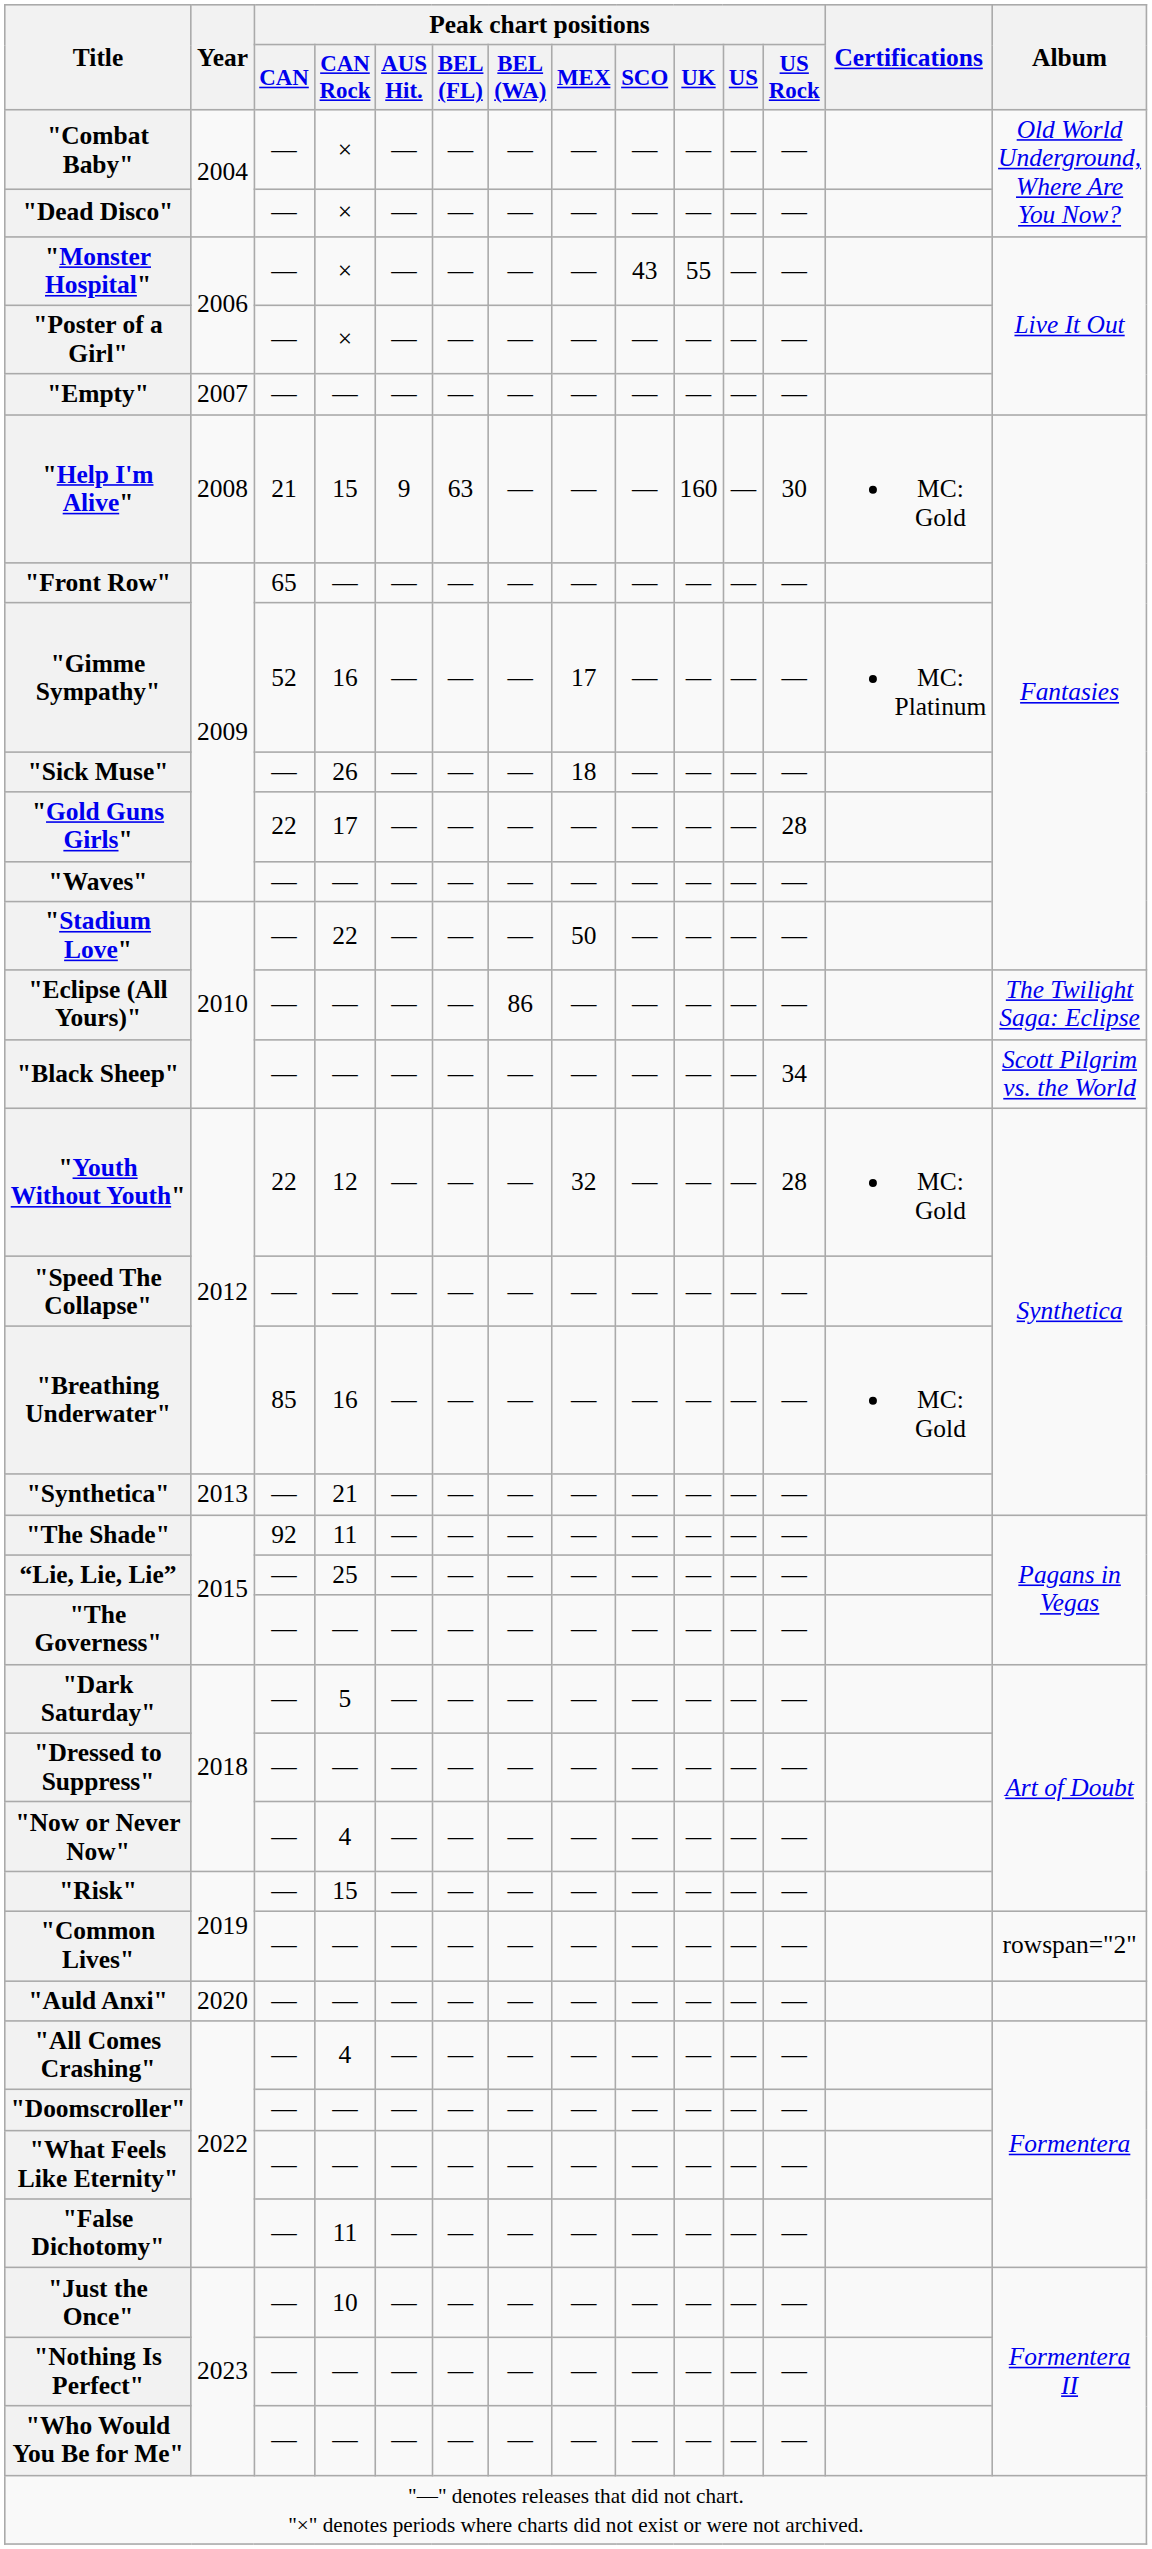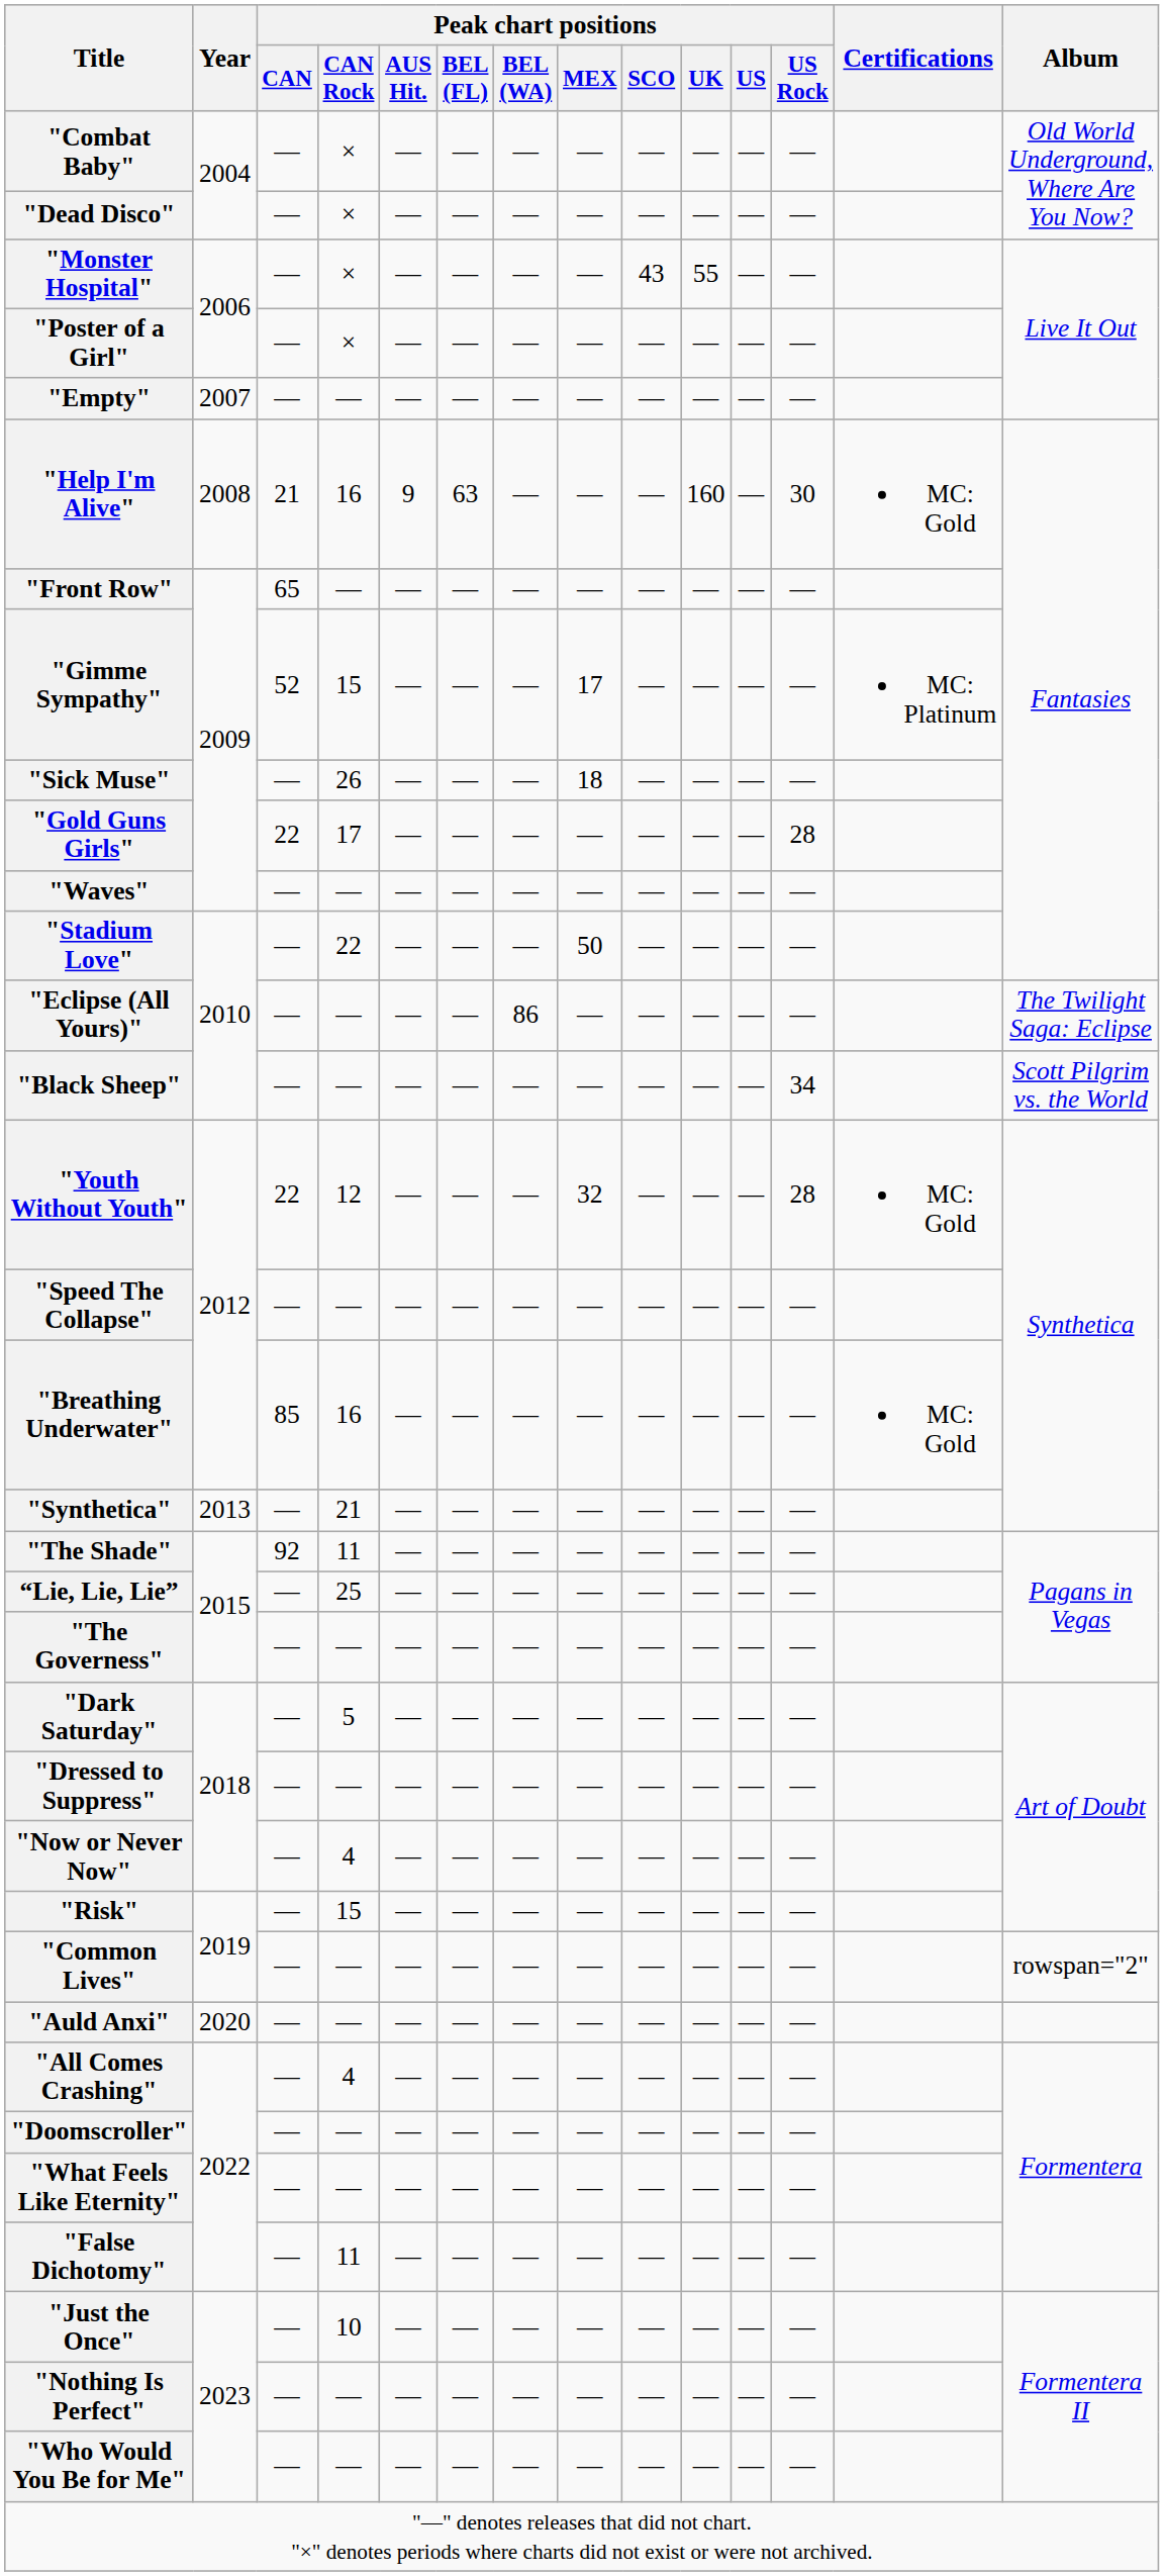 <table class="wikitable plainrowheaders" style="text-align:center;">
 <tr>
 <th scope="col" rowspan="2" style="width:17em;">Title</th>
 <th scope="col" rowspan="2" style="width:1em;">Year</th>
 <th scope="col" colspan="10">Peak chart positions</th>
 <th scope="col" rowspan="2" style="width:10em;"><a href='#'>Certifications</a></th>
 <th scope="col" rowspan="2" style="width:12em;">Album</th>
 </tr>
 <tr>
 <th scope="col" style="width:2.5em;font-size:90%;"><a href='#'>CAN</a><br></th>
 <th scope="col" style="width:2.5em;font-size:90%;"><a href='#'>CAN<br>Rock</a><br></th>
 <th scope="col" style="width:2.5em;font-size:90%;"><a href='#'>AUS<br>Hit.</a><br></th>
 <th scope="col" style="width:2.5em;font-size:90%;"><a href='#'>BEL<br>(FL)</a><br></th>
 <th scope="col" style="width:2.5em;font-size:90%;"><a href='#'>BEL<br>(WA)</a><br></th>
 <th scope="col" style="width:2.5em;font-size:90%;"><a href='#'>MEX</a><br></th>
 <th scope="col" style="width:2.5em;font-size:90%;"><a href='#'>SCO</a><br></th>
 <th scope="col" style="width:2.5em;font-size:90%;"><a href='#'>UK</a><br></th>
 <th scope="col" style="width:2.5em;font-size:90%;"><a href='#'>US</a><br></th>
 <th scope="col" style="width:2.5em;font-size:90%;"><a href='#'>US Rock</a><br></th>
 </tr>
 <tr>
 <th scope="row">"Combat Baby"</th>
 <td rowspan="2">2004</td>
 <td align="center">—</td>
 <td align="center">×</td>
 <td align="center">—</td>
 <td align="center">—</td>
 <td align="center">—</td>
 <td align="center">—</td>
 <td align="center">—</td>
 <td align="center">—</td>
 <td align="center">—</td>
 <td align="center">—</td>
 <td></td>
 <td rowspan="2" align="center"><em><a href='#'>Old World Underground, Where Are You Now?</a></em></td>
 </tr>
 <tr>
 <th scope="row">"Dead Disco"</th>
 <td align="center">—</td>
 <td align="center">×</td>
 <td align="center">—</td>
 <td align="center">—</td>
 <td align="center">—</td>
 <td align="center">—</td>
 <td align="center">—</td>
 <td align="center">—</td>
 <td align="center">—</td>
 <td align="center">—</td>
 <td></td>
 </tr>
 <tr>
 <th scope="row">"<a href='#'>Monster Hospital</a>"</th>
 <td rowspan="2">2006</td>
 <td align="center">—</td>
 <td align="center">×</td>
 <td align="center">—</td>
 <td align="center">—</td>
 <td align="center">—</td>
 <td align="center">—</td>
 <td align="center">43</td>
 <td align="center">55</td>
 <td align="center">—</td>
 <td align="center">—</td>
 <td></td>
 <td rowspan="3" align="center"><em><a href='#'>Live It Out</a></em></td>
 </tr>
 <tr>
 <th scope="row">"Poster of a Girl"</th>
 <td align="center">—</td>
 <td align="center">×</td>
 <td align="center">—</td>
 <td align="center">—</td>
 <td align="center">—</td>
 <td align="center">—</td>
 <td align="center">—</td>
 <td align="center">—</td>
 <td align="center">—</td>
 <td align="center">—</td>
 <td></td>
 </tr>
 <tr>
 <th scope="row">"Empty"</th>
 <td>2007</td>
 <td align="center">—</td>
 <td align="center">—</td>
 <td align="center">—</td>
 <td align="center">—</td>
 <td align="center">—</td>
 <td align="center">—</td>
 <td align="center">—</td>
 <td align="center">—</td>
 <td align="center">—</td>
 <td align="center">—</td>
 <td></td>
 </tr>
 <tr>
 <th scope="row">"<a href='#'>Help I'm Alive</a>"</th>
 <td>2008</td>
 <td align="center">21</td>
-<td align="center">15</td>
+<td align="center">16</td>
 <td align="center">9</td>
 <td align="center">63</td>
 <td align="center">—</td>
 <td align="center">—</td>
 <td align="center">—</td>
 <td align="center">160</td>
 <td align="center">—</td>
 <td align="center">30</td>
 <td><br><ul><li>MC: Gold</li></ul></td>
 <td rowspan="7" align="center"><em><a href='#'>Fantasies</a></em></td>
 </tr>
 <tr>
 <th scope="row">"Front Row"</th>
 <td rowspan="5">2009</td>
 <td align="center">65</td>
 <td align="center">—</td>
 <td align="center">—</td>
 <td align="center">—</td>
 <td align="center">—</td>
 <td align="center">—</td>
 <td align="center">—</td>
 <td align="center">—</td>
 <td align="center">—</td>
 <td align="center">—</td>
 <td></td>
 </tr>
 <tr>
 <th scope="row">"Gimme Sympathy"</th>
 <td align="center">52</td>
-<td align="center">16</td>
+<td align="center">15</td>
 <td align="center">—</td>
 <td align="center">—</td>
 <td align="center">—</td>
 <td align="center">17</td>
 <td align="center">—</td>
 <td align="center">—</td>
 <td align="center">—</td>
 <td align="center">—</td>
 <td><br><ul><li>MC: Platinum</li></ul></td>
 </tr>
 <tr>
 <th scope="row">"Sick Muse"</th>
 <td align="center">—</td>
 <td align="center">26</td>
 <td align="center">—</td>
 <td align="center">—</td>
 <td align="center">—</td>
 <td align="center">18</td>
 <td align="center">—</td>
 <td align="center">—</td>
 <td align="center">—</td>
 <td align="center">—</td>
 <td></td>
 </tr>
 <tr>
 <th scope="row">"<a href='#'>Gold Guns Girls</a>"</th>
 <td align="center">22</td>
 <td align="center">17</td>
 <td align="center">—</td>
 <td align="center">—</td>
 <td align="center">—</td>
 <td align="center">—</td>
 <td align="center">—</td>
 <td align="center">—</td>
 <td align="center">—</td>
 <td align="center">28</td>
 <td></td>
 </tr>
 <tr>
 <th scope="row">"Waves"</th>
 <td align="center">—</td>
 <td align="center">—</td>
 <td align="center">—</td>
 <td align="center">—</td>
 <td align="center">—</td>
 <td align="center">—</td>
 <td align="center">—</td>
 <td align="center">—</td>
 <td align="center">—</td>
 <td align="center">—</td>
 <td></td>
 </tr>
 <tr>
 <th scope="row">"<a href='#'>Stadium Love</a>"</th>
 <td rowspan="3">2010</td>
 <td align="center">—</td>
 <td align="center">22</td>
 <td align="center">—</td>
 <td align="center">—</td>
 <td align="center">—</td>
 <td align="center">50</td>
 <td align="center">—</td>
 <td align="center">—</td>
 <td align="center">—</td>
 <td align="center">—</td>
 <td></td>
 </tr>
 <tr>
 <th scope="row">"Eclipse (All Yours)"</th>
 <td align="center">—</td>
 <td align="center">—</td>
 <td align="center">—</td>
 <td align="center">—</td>
 <td align="center">86</td>
 <td align="center">—</td>
 <td align="center">—</td>
 <td align="center">—</td>
 <td align="center">—</td>
 <td align="center">—</td>
 <td></td>
 <td rowspan="1" align="center"><em><a href='#'>The Twilight Saga: Eclipse</a></em></td>
 </tr>
 <tr>
 <th scope="row">"Black Sheep"<br></th>
 <td align="center">—</td>
 <td align="center">—</td>
 <td align="center">—</td>
 <td align="center">—</td>
 <td align="center">—</td>
 <td align="center">—</td>
 <td align="center">—</td>
 <td align="center">—</td>
 <td align="center">—</td>
 <td align="center">34</td>
 <td></td>
 <td rowspan="1" align="center"><em><a href='#'>Scott Pilgrim vs. the World</a></em></td>
 </tr>
 <tr>
 <th scope="row">"<a href='#'>Youth Without Youth</a>"</th>
 <td rowspan="3">2012</td>
 <td align="center">22</td>
 <td align="center">12</td>
 <td align="center">—</td>
 <td align="center">—</td>
 <td align="center">—</td>
 <td align="center">32</td>
 <td align="center">—</td>
 <td align="center">—</td>
 <td align="center">—</td>
 <td align="center">28</td>
 <td><br><ul><li>MC: Gold</li></ul></td>
 <td rowspan="4" align="center"><em><a href='#'>Synthetica</a></em></td>
 </tr>
 <tr>
 <th scope="row">"Speed The Collapse"</th>
 <td align="center">—</td>
 <td align="center">—</td>
 <td align="center">—</td>
 <td align="center">—</td>
 <td align="center">—</td>
 <td align="center">—</td>
 <td align="center">—</td>
 <td align="center">—</td>
 <td align="center">—</td>
 <td align="center">—</td>
 <td></td>
 </tr>
 <tr>
 <th scope="row">"Breathing Underwater"</th>
 <td align="center">85</td>
 <td align="center">16</td>
 <td align="center">—</td>
 <td align="center">—</td>
 <td align="center">—</td>
 <td align="center">—</td>
 <td align="center">—</td>
 <td align="center">—</td>
 <td align="center">—</td>
 <td align="center">—</td>
 <td><br><ul><li>MC: Gold</li></ul></td>
 </tr>
 <tr>
 <th scope="row">"Synthetica"</th>
 <td>2013</td>
 <td align="center">—</td>
 <td align="center">21</td>
 <td align="center">—</td>
 <td align="center">—</td>
 <td align="center">—</td>
 <td align="center">—</td>
 <td align="center">—</td>
 <td align="center">—</td>
 <td align="center">—</td>
 <td align="center">—</td>
 <td></td>
 </tr>
 <tr>
 <th scope="row">"The Shade"</th>
 <td rowspan="3">2015</td>
 <td align="center">92</td>
 <td align="center">11</td>
 <td align="center">—</td>
 <td align="center">—</td>
 <td align="center">—</td>
 <td align="center">—</td>
 <td align="center">—</td>
 <td align="center">—</td>
 <td align="center">—</td>
 <td align="center">—</td>
 <td></td>
 <td rowspan="3" align="center"><em><a href='#'>Pagans in Vegas</a></em></td>
 </tr>
 <tr>
 <th scope="row">“Lie, Lie, Lie”</th>
 <td align="center">—</td>
 <td align="center">25</td>
 <td align="center">—</td>
 <td align="center">—</td>
 <td align="center">—</td>
 <td align="center">—</td>
 <td align="center">—</td>
 <td align="center">—</td>
 <td align="center">—</td>
 <td align="center">—</td>
 </tr>
 <tr>
 <th scope="row">"The Governess"</th>
 <td align="center">—</td>
 <td align="center">—</td>
 <td align="center">—</td>
 <td align="center">—</td>
 <td align="center">—</td>
 <td align="center">—</td>
 <td align="center">—</td>
 <td align="center">—</td>
 <td align="center">—</td>
 <td align="center">—</td>
 <td></td>
 </tr>
 <tr>
 <th scope="row">"Dark Saturday"</th>
 <td rowspan="3">2018</td>
 <td align="center">—</td>
 <td align="center">5</td>
 <td align="center">—</td>
 <td align="center">—</td>
 <td align="center">—</td>
 <td align="center">—</td>
 <td align="center">—</td>
 <td align="center">—</td>
 <td align="center">—</td>
 <td align="center">—</td>
 <td></td>
 <td rowspan="4" align="center"><em><a href='#'>Art of Doubt</a></em></td>
 </tr>
 <tr>
 <th scope="row">"Dressed to Suppress"</th>
 <td align="center">—</td>
 <td align="center">—</td>
 <td align="center">—</td>
 <td align="center">—</td>
 <td align="center">—</td>
 <td align="center">—</td>
 <td align="center">—</td>
 <td align="center">—</td>
 <td align="center">—</td>
 <td align="center">—</td>
 <td></td>
 </tr>
 <tr>
 <th scope="row">"Now or Never Now"</th>
 <td align="center">—</td>
 <td align="center">4</td>
 <td align="center">—</td>
 <td align="center">—</td>
 <td align="center">—</td>
 <td align="center">—</td>
 <td align="center">—</td>
 <td align="center">—</td>
 <td align="center">—</td>
 <td align="center">—</td>
 <td></td>
 </tr>
 <tr>
 <th scope="row">"Risk"</th>
 <td rowspan="2">2019</td>
 <td align="center">—</td>
 <td align="center">15</td>
 <td align="center">—</td>
 <td align="center">—</td>
 <td align="center">—</td>
 <td align="center">—</td>
 <td align="center">—</td>
 <td align="center">—</td>
 <td align="center">—</td>
 <td align="center">—</td>
 <td></td>
 </tr>
 <tr>
 <th scope="row">"Common Lives"</th>
 <td align="center">—</td>
 <td align="center">—</td>
 <td align="center">—</td>
 <td align="center">—</td>
 <td align="center">—</td>
 <td align="center">—</td>
 <td align="center">—</td>
 <td align="center">—</td>
 <td align="center">—</td>
 <td align="center">—</td>
 <td align="center"></td>
 <td>rowspan="2" </td>
 </tr>
 <tr>
 <th scope="row">"Auld Anxi"</th>
 <td>2020</td>
 <td align="center">—</td>
 <td align="center">—</td>
 <td align="center">—</td>
 <td align="center">—</td>
 <td align="center">—</td>
 <td align="center">—</td>
 <td align="center">—</td>
 <td align="center">—</td>
 <td align="center">—</td>
 <td align="center">—</td>
 <td align="center"></td>
 </tr>
 <tr>
 <th scope="row">"All Comes Crashing"</th>
 <td rowspan="4">2022</td>
 <td align="center">—</td>
 <td align="center">4</td>
 <td align="center">—</td>
 <td align="center">—</td>
 <td align="center">—</td>
 <td align="center">—</td>
 <td align="center">—</td>
 <td align="center">—</td>
 <td align="center">—</td>
 <td align="center">—</td>
 <td></td>
 <td rowspan="4" align="center"><em><a href='#'>Formentera</a></em></td>
 </tr>
 <tr>
 <th scope="row">"Doomscroller"</th>
 <td align="center">—</td>
 <td align="center">—</td>
 <td align="center">—</td>
 <td align="center">—</td>
 <td align="center">—</td>
 <td align="center">—</td>
 <td align="center">—</td>
 <td align="center">—</td>
 <td align="center">—</td>
 <td align="center">—</td>
 <td align="center"></td>
 </tr>
 <tr>
 <th scope="row">"What Feels Like Eternity"</th>
 <td align="center">—</td>
 <td align="center">—</td>
 <td align="center">—</td>
 <td align="center">—</td>
 <td align="center">—</td>
 <td align="center">—</td>
 <td align="center">—</td>
 <td align="center">—</td>
 <td align="center">—</td>
 <td align="center">—</td>
 <td align="center"></td>
 </tr>
 <tr>
 <th scope="row">"False Dichotomy"</th>
 <td align="center">—</td>
 <td align="center">11</td>
 <td align="center">—</td>
 <td align="center">—</td>
 <td align="center">—</td>
 <td align="center">—</td>
 <td align="center">—</td>
 <td align="center">—</td>
 <td align="center">—</td>
 <td align="center">—</td>
 <td align="center"></td>
 </tr>
 <tr>
 <th scope="row">"Just the Once"</th>
 <td rowspan="3">2023</td>
 <td align="center">—</td>
 <td align="center">10</td>
 <td align="center">—</td>
 <td align="center">—</td>
 <td align="center">—</td>
 <td align="center">—</td>
 <td align="center">—</td>
 <td align="center">—</td>
 <td align="center">—</td>
 <td align="center">—</td>
 <td></td>
 <td rowspan="3"><em><a href='#'>Formentera II</a></em></td>
 </tr>
 <tr>
 <th scope="row">"Nothing Is Perfect"</th>
 <td align="center">—</td>
 <td align="center">—</td>
 <td align="center">—</td>
 <td align="center">—</td>
 <td align="center">—</td>
 <td align="center">—</td>
 <td align="center">—</td>
 <td align="center">—</td>
 <td align="center">—</td>
 <td align="center">—</td>
 <td align="center"></td>
 </tr>
 <tr>
 <th scope="row">"Who Would You Be for Me"</th>
 <td align="center">—</td>
 <td align="center">—</td>
 <td align="center">—</td>
 <td align="center">—</td>
 <td align="center">—</td>
 <td align="center">—</td>
 <td align="center">—</td>
 <td align="center">—</td>
 <td align="center">—</td>
 <td align="center">—</td>
 <td align="center"></td>
 </tr>
 <tr>
 <td colspan="14" align="center"><small>"—" denotes releases that did not chart.<br>"×" denotes periods where charts did not exist or were not archived.</small></td>
 </tr>
 </table>
